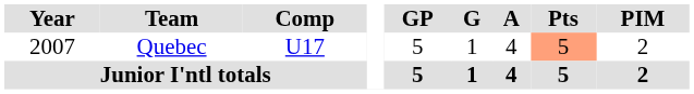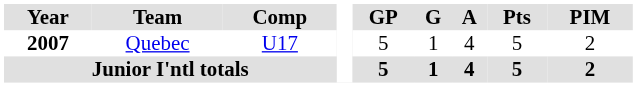 <table border="0" cellpadding="1" cellspacing="0" ID="Table3" style="text-align:center; width:30em">
 <tr ALIGN="center" bgcolor="#e0e0e0">
 <th>Year</th>
 <th>Team</th>
 <th>Comp</th>
 <th ALIGN="center" rowspan="99" bgcolor="#ffffff"> </th>
 <th>GP</th>
 <th>G</th>
 <th>A</th>
 <th>Pts</th>
 <th>PIM</th>
 </tr>
 <tr ALIGN="center">
-<td>2007</td>
+<td><strong>2007</strong></td>
 <td><a href='#'>Quebec</a></td>
 <td><a href='#'>U17</a></td>
 <td>5</td>
 <td>1</td>
 <td>4</td>
-<td style="background: lightsalmon;">5</td>
+<td>5</td>
 <td>2</td>
 </tr>
 <tr bgcolor="#e0e0e0">
 <th colspan="3">Junior I'ntl totals</th>
 <th>5</th>
 <th>1</th>
 <th>4</th>
 <th>5</th>
 <th>2</th>
 </tr>
 </table>
